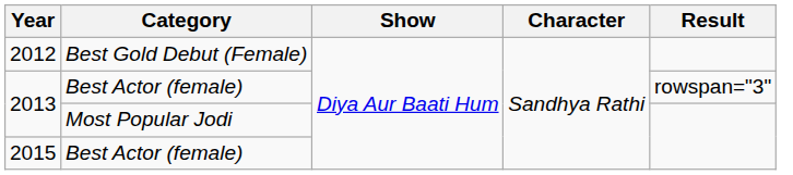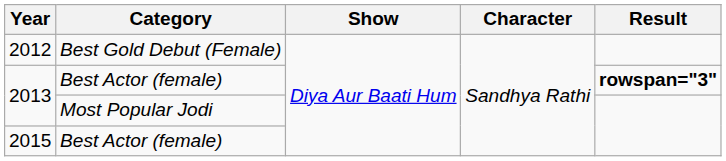 <table class="wikitable sortable">
 <tr>
 <th>Year</th>
 <th>Category</th>
 <th>Show</th>
 <th>Character</th>
 <th>Result</th>
 </tr>
 <tr>
 <td>2012</td>
 <td><em>Best Gold Debut (Female)</em></td>
 <td rowspan="4"><em><a href='#'>Diya Aur Baati Hum</a></em></td>
 <td rowspan="4"><em>Sandhya Rathi</em></td>
 <td></td>
 </tr>
 <tr>
 <td rowspan="2">2013</td>
 <td><em>Best Actor (female)</em></td>
-<td>rowspan="3"</td>
+<td><strong>rowspan="3"</strong></td>
 </tr>
 <tr>
 <td><em>Most Popular Jodi</em></td>
 </tr>
 <tr>
 <td>2015</td>
 <td><em>Best Actor (female)</em></td>
 </tr>
 </table>
